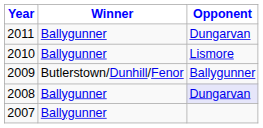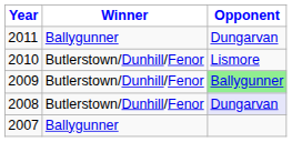 <table class="wikitable">
 <tr>
 <th style="background:white;color:blue;">Year</th>
 <th style="background:white;color:blue;">Winner</th>
 <th style="background:white;color:blue;">Opponent</th>
 </tr>
 <tr>
 <td>2011</td>
 <td><a href='#'>Ballygunner</a></td>
 <td><a href='#'>Dungarvan</a></td>
 </tr>
 <tr>
 <td>2010</td>
-<td><a href='#'>Ballygunner</a></td>
+<td>Butlerstown/<a href='#'>Dunhill</a>/<a href='#'>Fenor</a></td>
 <td><a href='#'>Lismore</a></td>
 </tr>
 <tr>
 <td>2009</td>
 <td>Butlerstown/<a href='#'>Dunhill</a>/<a href='#'>Fenor</a></td>
-<td><a href='#'>Ballygunner</a></td>
+<td style="background: lightgreen;"><a href='#'>Ballygunner</a></td>
 </tr>
 <tr>
 <td>2008</td>
-<td><a href='#'>Ballygunner</a></td>
+<td>Butlerstown/<a href='#'>Dunhill</a>/<a href='#'>Fenor</a></td>
 <td style="background: lavender;"><a href='#'>Dungarvan</a></td>
 </tr>
 <tr>
 <td>2007</td>
 <td><a href='#'>Ballygunner</a></td>
 <td></td>
 </tr>
 </table>
